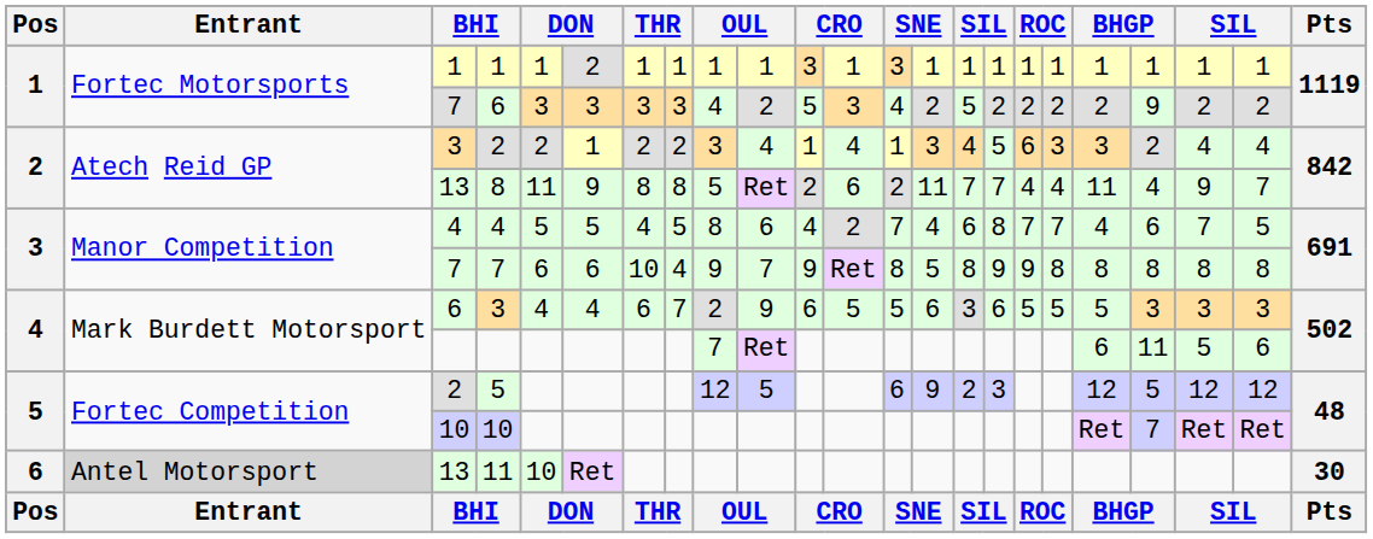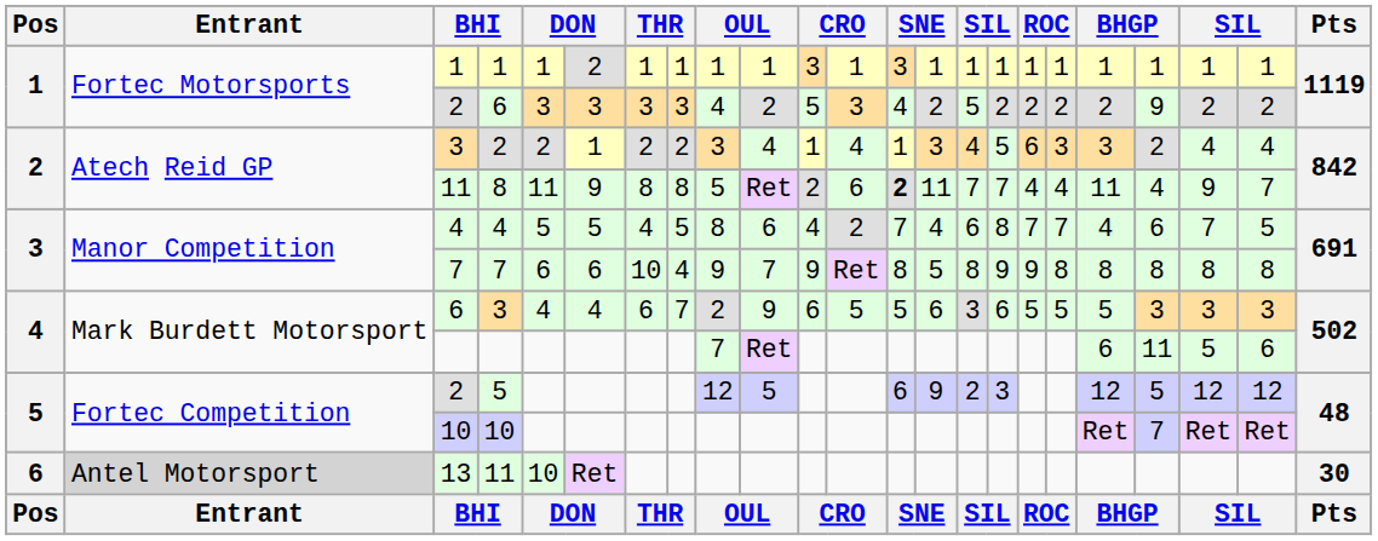 <table class="wikitable" style="font-size: 85%; text-align: center;">
 <tr valign="top">
 <th valign="middle">Pos</th>
 <th valign="middle">Entrant</th>
 <th colspan="2"><a href='#'>BHI</a></th>
 <th colspan="2"><a href='#'>DON</a></th>
 <th colspan="2"><a href='#'>THR</a></th>
 <th colspan="2"><a href='#'>OUL</a></th>
 <th colspan="2"><a href='#'>CRO</a></th>
 <th colspan="2"><a href='#'>SNE</a></th>
 <th colspan="2"><a href='#'>SIL</a></th>
 <th colspan="2"><a href='#'>ROC</a></th>
 <th colspan="2"><a href='#'>BHGP</a></th>
 <th colspan="2"><a href='#'>SIL</a></th>
 <th valign=middle>Pts</th>
 </tr>
 <tr>
 <th rowspan=2>1</th>
 <td align=left rowspan=2><a href='#'>Fortec Motorsports</a></td>
 <td style="background:#FFFFBF;">1</td>
 <td style="background:#FFFFBF;">1</td>
 <td style="background:#FFFFBF;">1</td>
 <td style="background:#DFDFDF;">2</td>
 <td style="background:#FFFFBF;">1</td>
 <td style="background:#FFFFBF;">1</td>
 <td style="background:#FFFFBF;">1</td>
 <td style="background:#FFFFBF;">1</td>
 <td style="background:#FFDF9F;">3</td>
 <td style="background:#FFFFBF;">1</td>
 <td style="background:#FFDF9F;">3</td>
 <td style="background:#FFFFBF;">1</td>
 <td style="background:#FFFFBF;">1</td>
 <td style="background:#FFFFBF;">1</td>
 <td style="background:#FFFFBF;">1</td>
 <td style="background:#FFFFBF;">1</td>
 <td style="background:#FFFFBF;">1</td>
 <td style="background:#FFFFBF;">1</td>
 <td style="background:#FFFFBF;">1</td>
 <td style="background:#FFFFBF;">1</td>
 <th rowspan=2>1119</th>
 </tr>
 <tr>
-<td style="background:#DFDFDF;">7</td>
+<td style="background:#DFDFDF;">2</td>
 <td style="background:#DFFFDF;">6</td>
 <td style="background:#FFDF9F;">3</td>
 <td style="background:#FFDF9F;">3</td>
 <td style="background:#FFDF9F;">3</td>
 <td style="background:#FFDF9F;">3</td>
 <td style="background:#DFFFDF;">4</td>
 <td style="background:#DFDFDF;">2</td>
 <td style="background:#DFFFDF;">5</td>
 <td style="background:#FFDF9F;">3</td>
 <td style="background:#DFFFDF;">4</td>
 <td style="background:#DFDFDF;">2</td>
 <td style="background:#DFFFDF;">5</td>
 <td style="background:#DFDFDF;">2</td>
 <td style="background:#DFDFDF;">2</td>
 <td style="background:#DFDFDF;">2</td>
 <td style="background:#DFDFDF;">2</td>
 <td style="background:#DFFFDF;">9</td>
 <td style="background:#DFDFDF;">2</td>
 <td style="background:#DFDFDF;">2</td>
 </tr>
 <tr>
 <th rowspan=2>2</th>
 <td align=left rowspan=2><a href='#'>Atech</a> <a href='#'>Reid GP</a></td>
 <td style="background:#FFDF9F;">3</td>
 <td style="background:#DFDFDF;">2</td>
 <td style="background:#DFDFDF;">2</td>
 <td style="background:#FFFFBF;">1</td>
 <td style="background:#DFDFDF;">2</td>
 <td style="background:#DFDFDF;">2</td>
 <td style="background:#FFDF9F;">3</td>
 <td style="background:#DFFFDF;">4</td>
 <td style="background:#FFFFBF;">1</td>
 <td style="background:#DFFFDF;">4</td>
 <td style="background:#FFFFBF;">1</td>
 <td style="background:#FFDF9F;">3</td>
 <td style="background:#FFDF9F;">4</td>
 <td style="background:#DFFFDF;">5</td>
 <td style="background:#FFDF9F;">6</td>
 <td style="background:#FFDF9F;">3</td>
 <td style="background:#FFDF9F;">3</td>
 <td style="background:#DFDFDF;">2</td>
 <td style="background:#DFFFDF;">4</td>
 <td style="background:#DFFFDF;">4</td>
 <th rowspan=2>842</th>
 </tr>
 <tr>
-<td style="background:#DFFFDF;">13</td>
+<td style="background:#DFFFDF;">11</td>
 <td style="background:#DFFFDF;">8</td>
 <td style="background:#DFFFDF;">11</td>
 <td style="background:#DFFFDF;">9</td>
 <td style="background:#DFFFDF;">8</td>
 <td style="background:#DFFFDF;">8</td>
 <td style="background:#DFFFDF;">5</td>
 <td style="background:#EFCFFF;">Ret</td>
 <td style="background:#DFDFDF;">2</td>
 <td style="background:#DFFFDF;">6</td>
-<td style="background:#DFDFDF;">2</td>
+<td style="background:#DFDFDF;"><strong>2</strong></td>
 <td style="background:#DFFFDF;">11</td>
 <td style="background:#DFFFDF;">7</td>
 <td style="background:#DFFFDF;">7</td>
 <td style="background:#DFFFDF;">4</td>
 <td style="background:#DFFFDF;">4</td>
 <td style="background:#DFFFDF;">11</td>
 <td style="background:#DFFFDF;">4</td>
 <td style="background:#DFFFDF;">9</td>
 <td style="background:#DFFFDF;">7</td>
 </tr>
 <tr>
 <th rowspan=2>3</th>
 <td align=left rowspan=2><a href='#'>Manor Competition</a></td>
 <td style="background:#DFFFDF;">4</td>
 <td style="background:#DFFFDF;">4</td>
 <td style="background:#DFFFDF;">5</td>
 <td style="background:#DFFFDF;">5</td>
 <td style="background:#DFFFDF;">4</td>
 <td style="background:#DFFFDF;">5</td>
 <td style="background:#DFFFDF;">8</td>
 <td style="background:#DFFFDF;">6</td>
 <td style="background:#DFFFDF;">4</td>
 <td style="background:#DFDFDF;">2</td>
 <td style="background:#DFFFDF;">7</td>
 <td style="background:#DFFFDF;">4</td>
 <td style="background:#DFFFDF;">6</td>
 <td style="background:#DFFFDF;">8</td>
 <td style="background:#DFFFDF;">7</td>
 <td style="background:#DFFFDF;">7</td>
 <td style="background:#DFFFDF;">4</td>
 <td style="background:#DFFFDF;">6</td>
 <td style="background:#DFFFDF;">7</td>
 <td style="background:#DFFFDF;">5</td>
 <th rowspan=2>691</th>
 </tr>
 <tr>
 <td style="background:#DFFFDF;">7</td>
 <td style="background:#DFFFDF;">7</td>
 <td style="background:#DFFFDF;">6</td>
 <td style="background:#DFFFDF;">6</td>
 <td style="background:#DFFFDF;">10</td>
 <td style="background:#DFFFDF;">4</td>
 <td style="background:#DFFFDF;">9</td>
 <td style="background:#DFFFDF;">7</td>
 <td style="background:#DFFFDF;">9</td>
 <td style="background:#EFCFFF;">Ret</td>
 <td style="background:#DFFFDF;">8</td>
 <td style="background:#DFFFDF;">5</td>
 <td style="background:#DFFFDF;">8</td>
 <td style="background:#DFFFDF;">9</td>
 <td style="background:#DFFFDF;">9</td>
 <td style="background:#DFFFDF;">8</td>
 <td style="background:#DFFFDF;">8</td>
 <td style="background:#DFFFDF;">8</td>
 <td style="background:#DFFFDF;">8</td>
 <td style="background:#DFFFDF;">8</td>
 </tr>
 <tr>
 <th rowspan=2>4</th>
 <td align=left rowspan=2>Mark Burdett Motorsport</td>
 <td style="background:#DFFFDF;">6</td>
 <td style="background:#FFDF9F;">3</td>
 <td style="background:#DFFFDF;">4</td>
 <td style="background:#DFFFDF;">4</td>
 <td style="background:#DFFFDF;">6</td>
 <td style="background:#DFFFDF;">7</td>
 <td style="background:#DFDFDF;">2</td>
 <td style="background:#DFFFDF;">9</td>
 <td style="background:#DFFFDF;">6</td>
 <td style="background:#DFFFDF;">5</td>
 <td style="background:#DFFFDF;">5</td>
 <td style="background:#DFFFDF;">6</td>
 <td style="background:#DFDFDF;">3</td>
 <td style="background:#DFFFDF;">6</td>
 <td style="background:#DFFFDF;">5</td>
 <td style="background:#DFFFDF;">5</td>
 <td style="background:#DFFFDF;">5</td>
 <td style="background:#FFDF9F;">3</td>
 <td style="background:#FFDF9F;">3</td>
 <td style="background:#FFDF9F;">3</td>
 <th rowspan=2>502</th>
 </tr>
 <tr>
 <td></td>
 <td></td>
 <td></td>
 <td></td>
 <td></td>
 <td></td>
 <td style="background:#DFFFDF;">7</td>
 <td style="background:#EFCFFF;">Ret</td>
 <td></td>
 <td></td>
 <td></td>
 <td></td>
 <td></td>
 <td></td>
 <td></td>
 <td></td>
 <td style="background:#DFFFDF;">6</td>
 <td style="background:#DFFFDF;">11</td>
 <td style="background:#DFFFDF;">5</td>
 <td style="background:#DFFFDF;">6</td>
 </tr>
 <tr>
 <th rowspan=2>5</th>
 <td align=left rowspan=2><a href='#'>Fortec Competition</a></td>
 <td style="background:#DFDFDF;">2</td>
 <td style="background:#DFFFDF;">5</td>
 <td></td>
 <td></td>
 <td></td>
 <td></td>
 <td style="background:#CFCFFF;">12</td>
 <td style="background:#CFCFFF;">5</td>
 <td></td>
 <td></td>
 <td style="background:#CFCFFF;">6</td>
 <td style="background:#CFCFFF;">9</td>
 <td style="background:#CFCFFF;">2</td>
 <td style="background:#CFCFFF;">3</td>
 <td></td>
 <td></td>
 <td style="background:#CFCFFF;">12</td>
 <td style="background:#CFCFFF;">5</td>
 <td style="background:#CFCFFF;">12</td>
 <td style="background:#CFCFFF;">12</td>
 <th rowspan=2>48</th>
 </tr>
 <tr>
 <td style="background:#CFCFFF;">10</td>
 <td style="background:#CFCFFF;">10</td>
 <td></td>
 <td></td>
 <td></td>
 <td></td>
 <td></td>
 <td></td>
 <td></td>
 <td></td>
 <td></td>
 <td></td>
 <td></td>
 <td></td>
 <td></td>
 <td></td>
 <td style="background:#EFCFFF;">Ret</td>
 <td style="background:#CFCFFF;">7</td>
 <td style="background:#EFCFFF;">Ret</td>
 <td style="background:#EFCFFF;">Ret</td>
 </tr>
 <tr>
 <th>6</th>
 <td align=left style="background: lightgrey;">Antel Motorsport</td>
 <td style="background:#DFFFDF;">13</td>
 <td style="background:#DFFFDF;">11</td>
 <td style="background:#DFFFDF;">10</td>
 <td style="background:#EFCFFF;">Ret</td>
 <td></td>
 <td></td>
 <td></td>
 <td></td>
 <td></td>
 <td></td>
 <td></td>
 <td></td>
 <td></td>
 <td></td>
 <td></td>
 <td></td>
 <td></td>
 <td></td>
 <td></td>
 <td></td>
 <th>30</th>
 </tr>
 <tr valign="top">
 <th valign="middle">Pos</th>
 <th valign="middle">Entrant</th>
 <th colspan="2"><a href='#'>BHI</a></th>
 <th colspan="2"><a href='#'>DON</a></th>
 <th colspan="2"><a href='#'>THR</a></th>
 <th colspan="2"><a href='#'>OUL</a></th>
 <th colspan="2"><a href='#'>CRO</a></th>
 <th colspan="2"><a href='#'>SNE</a></th>
 <th colspan="2"><a href='#'>SIL</a></th>
 <th colspan="2"><a href='#'>ROC</a></th>
 <th colspan="2"><a href='#'>BHGP</a></th>
 <th colspan="2"><a href='#'>SIL</a></th>
 <th valign=middle>Pts</th>
 </tr>
 </table>
